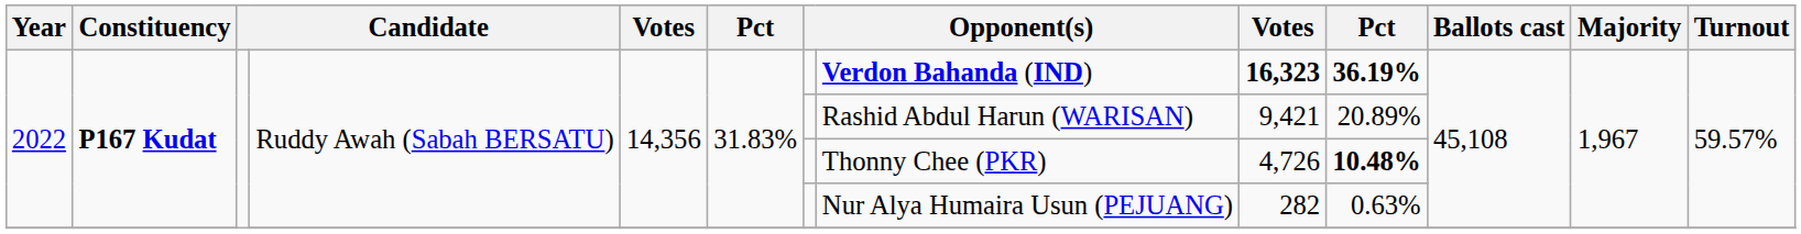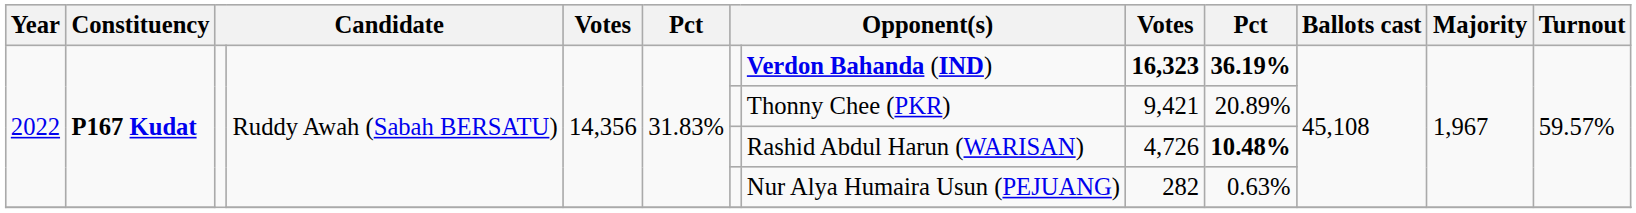 <table class="wikitable" style="margin:0.5em ; font-size:95%">
 <tr>
 <th>Year</th>
 <th>Constituency</th>
 <th colspan="2">Candidate</th>
 <th>Votes</th>
 <th>Pct</th>
 <th colspan="2">Opponent(s)</th>
 <th>Votes</th>
 <th>Pct</th>
 <th>Ballots cast</th>
 <th>Majority</th>
 <th>Turnout</th>
 </tr>
 <tr>
 <td rowspan="4"><a href='#'>2022</a></td>
 <td rowspan="4"><strong>P167 <a href='#'>Kudat</a></strong></td>
 <td rowspan="7" ></td>
 <td rowspan="4">Ruddy Awah (<a href='#'>Sabah BERSATU</a>)</td>
 <td rowspan="4" align=right>14,356</td>
 <td rowspan="4">31.83%</td>
 <td></td>
 <td><strong><a href='#'>Verdon Bahanda</a></strong> (<a href='#'><strong>IND</strong></a>)</td>
 <td align="right"><strong>16,323</strong></td>
 <td align="right"><strong>36.19%</strong></td>
 <td rowspan="4">45,108</td>
 <td rowspan="4">1,967</td>
 <td rowspan="4">59.57%</td>
 </tr>
 <tr>
 <td></td>
-<td>Rashid Abdul Harun (<a href='#'>WARISAN</a>)</td>
+<td>Thonny Chee (<a href='#'>PKR</a>)</td>
 <td align="right">9,421</td>
 <td align="right">20.89%</td>
 </tr>
 <tr>
 <td></td>
-<td>Thonny Chee (<a href='#'>PKR</a>)</td>
+<td>Rashid Abdul Harun (<a href='#'>WARISAN</a>)</td>
 <td align="right">4,726</td>
 <td align="right"><strong>10.48%</strong></td>
 </tr>
 <tr>
 <td bgcolor=></td>
 <td>Nur Alya Humaira Usun (<a href='#'>PEJUANG</a>)</td>
 <td align="right">282</td>
 <td align="right">0.63%</td>
 </tr>
 <tr>
 </tr>
 </table>
